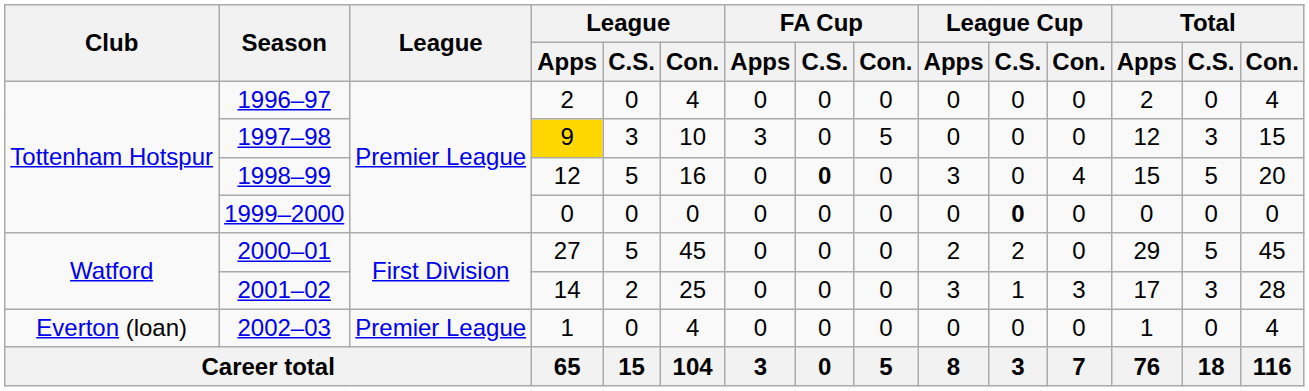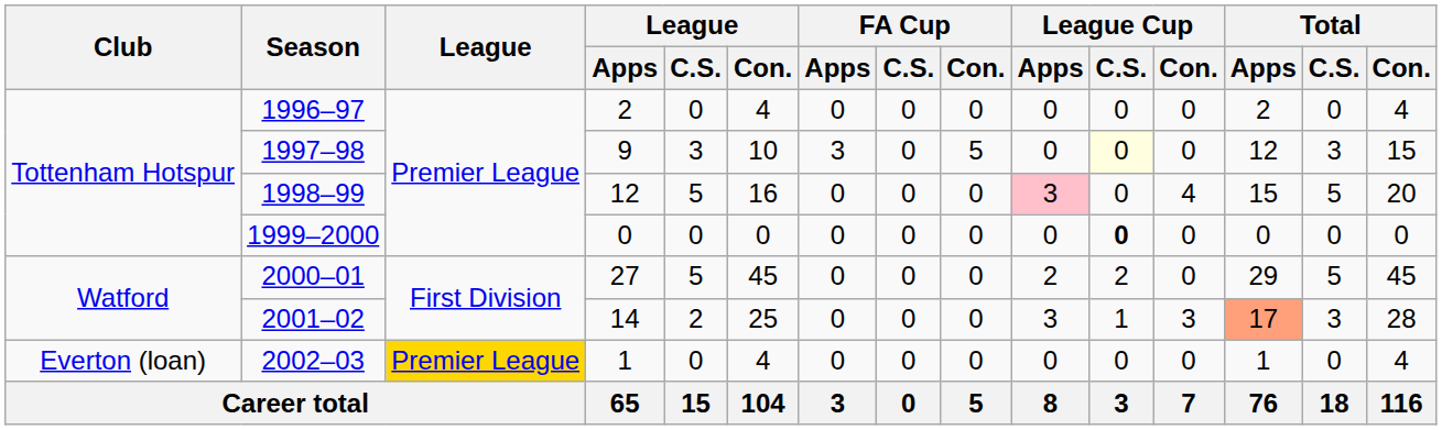 <table class="wikitable" style="text-align: center;">
 <tr>
 <th rowspan="2">Club</th>
 <th rowspan="2">Season</th>
 <th rowspan="2">League</th>
 <th colspan="3">League</th>
 <th colspan="3">FA Cup</th>
 <th colspan="3">League Cup</th>
 <th colspan="3">Total</th>
 </tr>
 <tr>
 <th>Apps</th>
 <th>C.S.</th>
 <th>Con.</th>
 <th>Apps</th>
 <th>C.S.</th>
 <th>Con.</th>
 <th>Apps</th>
 <th>C.S.</th>
 <th>Con.</th>
 <th>Apps</th>
 <th>C.S.</th>
 <th>Con.</th>
 </tr>
 <tr>
 <td rowspan="4"><a href='#'>Tottenham Hotspur</a></td>
 <td><a href='#'>1996–97</a></td>
 <td rowspan="4"><a href='#'>Premier League</a></td>
 <td>2</td>
 <td>0</td>
 <td>4</td>
 <td>0</td>
 <td>0</td>
 <td>0</td>
 <td>0</td>
 <td>0</td>
 <td>0</td>
 <td>2</td>
 <td>0</td>
 <td>4</td>
 </tr>
 <tr>
 <td><a href='#'>1997–98</a></td>
-<td style="background: gold;">9</td>
+<td>9</td>
 <td>3</td>
 <td>10</td>
 <td>3</td>
 <td>0</td>
 <td>5</td>
 <td>0</td>
-<td>0</td>
+<td style="background: lightyellow;">0</td>
 <td>0</td>
 <td>12</td>
 <td>3</td>
 <td>15</td>
 </tr>
 <tr>
 <td><a href='#'>1998–99</a></td>
 <td>12</td>
 <td>5</td>
 <td>16</td>
 <td>0</td>
-<td><strong>0</strong></td>
 <td>0</td>
-<td>3</td>
+<td>0</td>
+<td style="background: pink;">3</td>
 <td>0</td>
 <td>4</td>
 <td>15</td>
 <td>5</td>
 <td>20</td>
 </tr>
 <tr>
 <td><a href='#'>1999–2000</a></td>
 <td>0</td>
 <td>0</td>
 <td>0</td>
 <td>0</td>
 <td>0</td>
 <td>0</td>
 <td>0</td>
 <td><strong>0</strong></td>
 <td>0</td>
 <td>0</td>
 <td>0</td>
 <td>0</td>
 </tr>
 <tr>
 <td rowspan="2"><a href='#'>Watford</a></td>
 <td><a href='#'>2000–01</a></td>
 <td rowspan="2"><a href='#'>First Division</a></td>
 <td>27</td>
 <td>5</td>
 <td>45</td>
 <td>0</td>
 <td>0</td>
 <td>0</td>
 <td>2</td>
 <td>2</td>
 <td>0</td>
 <td>29</td>
 <td>5</td>
 <td>45</td>
 </tr>
 <tr>
 <td><a href='#'>2001–02</a></td>
 <td>14</td>
 <td>2</td>
 <td>25</td>
 <td>0</td>
 <td>0</td>
 <td>0</td>
 <td>3</td>
 <td>1</td>
 <td>3</td>
-<td>17</td>
+<td style="background: lightsalmon;">17</td>
 <td>3</td>
 <td>28</td>
 </tr>
 <tr>
 <td rowspan="1"><a href='#'>Everton</a> (loan)</td>
 <td><a href='#'>2002–03</a></td>
-<td rowspan="1"><a href='#'>Premier League</a></td>
+<td rowspan="1" style="background: gold;"><a href='#'>Premier League</a></td>
 <td>1</td>
 <td>0</td>
 <td>4</td>
 <td>0</td>
 <td>0</td>
 <td>0</td>
 <td>0</td>
 <td>0</td>
 <td>0</td>
 <td>1</td>
 <td>0</td>
 <td>4</td>
 </tr>
 <tr>
 <th colspan="3">Career total</th>
 <th>65</th>
 <th>15</th>
 <th>104</th>
 <th>3</th>
 <th>0</th>
 <th>5</th>
 <th>8</th>
 <th>3</th>
 <th>7</th>
 <th>76</th>
 <th>18</th>
 <th>116</th>
 </tr>
 </table>
